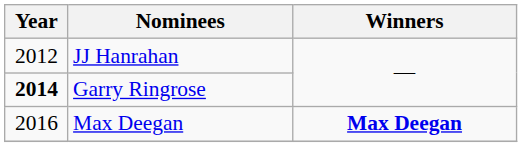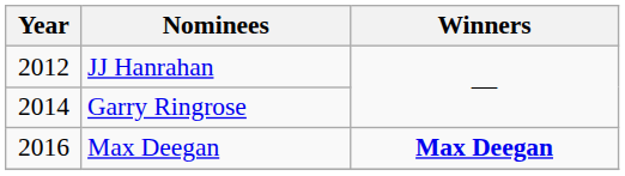 <table class="wikitable">
 <tr>
 <th width=40>Year</th>
 <th width=160>Nominees</th>
 <th width=160>Winners</th>
 </tr>
 <tr>
 <td align=center>2012</td>
 <td><a href='#'>JJ Hanrahan</a></td>
 <td align=center rowspan=2>—</td>
 </tr>
 <tr>
-<td align=center><strong>2014</strong></td>
+<td align=center>2014</td>
 <td><a href='#'>Garry Ringrose</a></td>
 </tr>
 <tr>
 <td align=center>2016</td>
 <td><a href='#'>Max Deegan</a></td>
 <td align=center><strong><a href='#'>Max Deegan</a></strong></td>
 </tr>
 <tr>
 </tr>
 </table>
